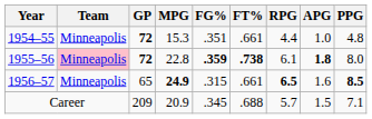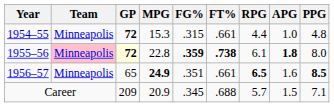 <table class="wikitable sortable" style="font-size:95%; text-align:right;">
 <tr>
 <th>Year</th>
 <th>Team</th>
 <th>GP</th>
 <th>MPG</th>
 <th>FG%</th>
 <th>FT%</th>
 <th>RPG</th>
 <th>APG</th>
 <th>PPG</th>
 </tr>
 <tr>
 <td style="text-align:left;"><a href='#'>1954–55</a></td>
 <td style="text-align:left;"><a href='#'>Minneapolis</a></td>
 <td><strong>72</strong></td>
 <td>15.3</td>
-<td>.351</td>
+<td>.315</td>
 <td>.661</td>
 <td>4.4</td>
 <td>1.0</td>
 <td>4.8</td>
 </tr>
 <tr>
 <td style="text-align:left;"><a href='#'>1955–56</a></td>
 <td style="background: pink; text-align:left;"><a href='#'>Minneapolis</a></td>
-<td><strong>72</strong></td>
+<td style="background: lightyellow;"><strong>72</strong></td>
 <td>22.8</td>
 <td><strong>.359</strong></td>
 <td><strong>.738</strong></td>
 <td>6.1</td>
 <td><strong>1.8</strong></td>
 <td>8.0</td>
 </tr>
 <tr>
 <td style="text-align:left;"><a href='#'>1956–57</a></td>
 <td style="text-align:left;"><a href='#'>Minneapolis</a></td>
 <td>65</td>
 <td><strong>24.9</strong></td>
-<td>.315</td>
+<td>.351</td>
 <td>.661</td>
 <td><strong>6.5</strong></td>
 <td>1.6</td>
 <td><strong>8.5</strong></td>
 </tr>
 <tr class="sortbottom">
 <td colspan="2" style="text-align:center;">Career</td>
 <td>209</td>
 <td>20.9</td>
 <td>.345</td>
 <td>.688</td>
 <td>5.7</td>
 <td>1.5</td>
 <td>7.1</td>
 </tr>
 </table>
